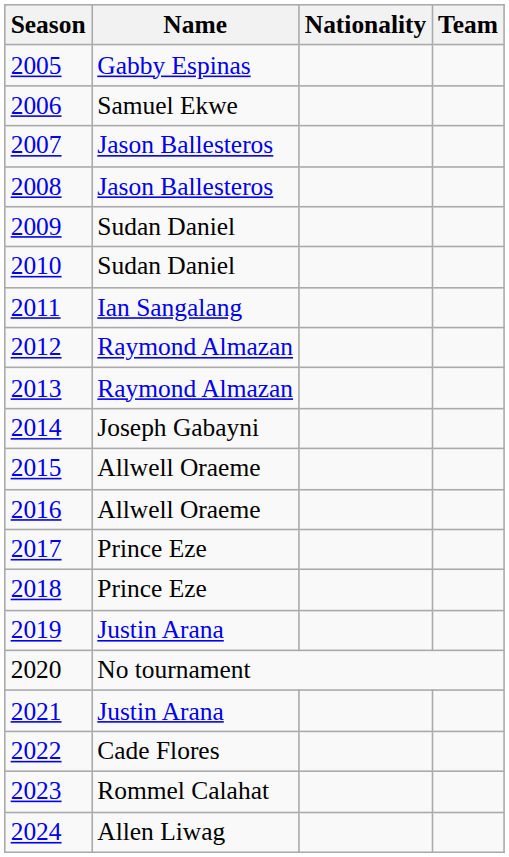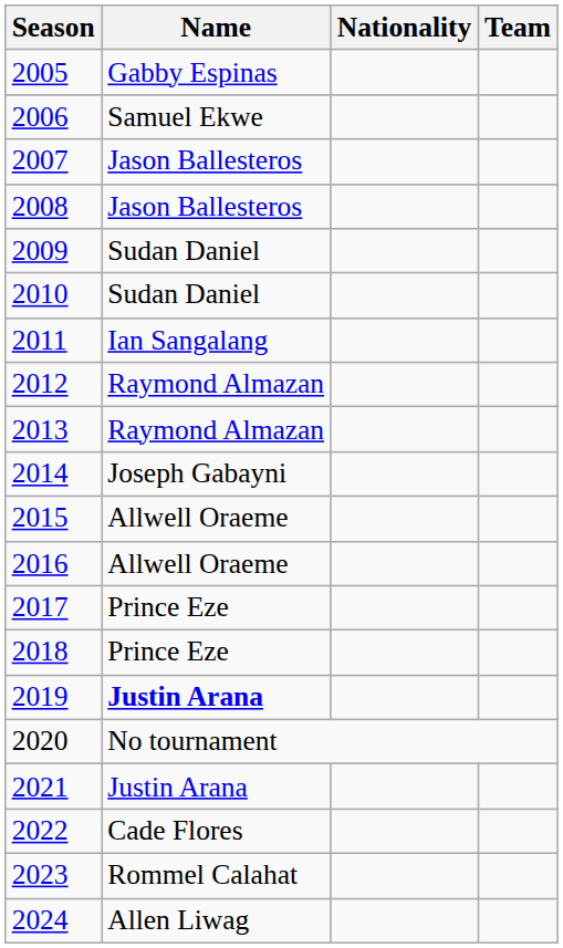 <table class="wikitable">
 <tr>
 <th>Season</th>
 <th>Name</th>
 <th>Nationality</th>
 <th>Team</th>
 </tr>
 <tr>
 <td><a href='#'>2005</a></td>
 <td><a href='#'>Gabby Espinas</a></td>
 <td></td>
 <td></td>
 </tr>
 <tr>
 <td><a href='#'>2006</a></td>
 <td>Samuel Ekwe</td>
 <td></td>
 <td></td>
 </tr>
 <tr>
 <td><a href='#'>2007</a></td>
 <td><a href='#'>Jason Ballesteros</a></td>
 <td></td>
 <td></td>
 </tr>
 <tr>
 <td><a href='#'>2008</a></td>
 <td><a href='#'>Jason Ballesteros</a></td>
 <td></td>
 <td></td>
 </tr>
 <tr>
 <td><a href='#'>2009</a></td>
 <td>Sudan Daniel</td>
 <td></td>
 <td></td>
 </tr>
 <tr>
 <td><a href='#'>2010</a></td>
 <td>Sudan Daniel</td>
 <td></td>
 <td></td>
 </tr>
 <tr>
 <td><a href='#'>2011</a></td>
 <td><a href='#'>Ian Sangalang</a></td>
 <td></td>
 <td></td>
 </tr>
 <tr>
 <td><a href='#'>2012</a></td>
 <td><a href='#'>Raymond Almazan</a></td>
 <td></td>
 <td></td>
 </tr>
 <tr>
 <td><a href='#'>2013</a></td>
 <td><a href='#'>Raymond Almazan</a></td>
 <td></td>
 <td></td>
 </tr>
 <tr>
 <td><a href='#'>2014</a></td>
 <td>Joseph Gabayni</td>
 <td></td>
 <td></td>
 </tr>
 <tr>
 <td><a href='#'>2015</a></td>
 <td>Allwell Oraeme</td>
 <td></td>
 <td></td>
 </tr>
 <tr>
 <td><a href='#'>2016</a></td>
 <td>Allwell Oraeme</td>
 <td></td>
 <td></td>
 </tr>
 <tr>
 <td><a href='#'>2017</a></td>
 <td>Prince Eze</td>
 <td></td>
 <td></td>
 </tr>
 <tr>
 <td><a href='#'>2018</a></td>
 <td>Prince Eze</td>
 <td></td>
 <td></td>
 </tr>
 <tr>
 <td><a href='#'>2019</a></td>
-<td><a href='#'>Justin Arana</a></td>
+<td><strong><a href='#'>Justin Arana</a></strong></td>
 <td></td>
 <td></td>
 </tr>
 <tr>
 <td>2020</td>
 <td colspan="3">No tournament</td>
 </tr>
 <tr>
 <td><a href='#'>2021</a></td>
 <td><a href='#'>Justin Arana</a></td>
 <td></td>
 <td></td>
 </tr>
 <tr>
 <td><a href='#'>2022</a></td>
 <td>Cade Flores</td>
 <td></td>
 <td></td>
 </tr>
 <tr>
 <td><a href='#'>2023</a></td>
 <td>Rommel Calahat</td>
 <td></td>
 <td></td>
 </tr>
 <tr>
 <td><a href='#'>2024</a></td>
 <td>Allen Liwag</td>
 <td></td>
 <td></td>
 </tr>
 </table>
